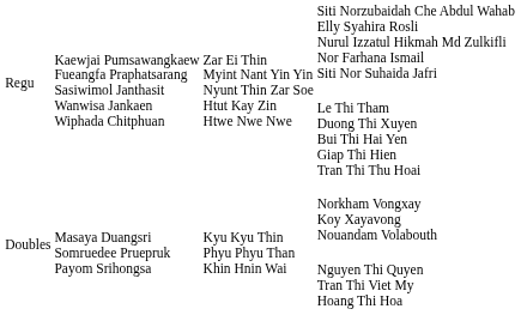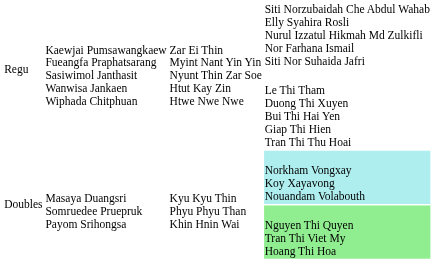 <table>
 <tr>
 <td rowspan=2>Regu</td>
 <td rowspan=2><span><br>Kaewjai Pumsawangkaew<br>Fueangfa Praphatsarang<br>Sasiwimol Janthasit<br>Wanwisa Jankaen<br>Wiphada Chitphuan</span></td>
 <td rowspan=2><span><br>Zar Ei Thin<br>Myint Nant Yin Yin<br>Nyunt Thin Zar Soe<br>Htut Kay Zin<br>Htwe Nwe Nwe</span></td>
 <td><span><br>Siti Norzubaidah Che Abdul Wahab<br>Elly Syahira Rosli<br>Nurul Izzatul Hikmah Md Zulkifli<br>Nor Farhana Ismail<br>Siti Nor Suhaida Jafri</span></td>
 </tr>
 <tr>
 <td><span><br>Le Thi Tham<br>Duong Thi Xuyen<br>Bui Thi Hai Yen<br>Giap Thi Hien<br>Tran Thi Thu Hoai</span></td>
 </tr>
 <tr>
 <td rowspan=2>Doubles</td>
 <td rowspan=2><span><br>Masaya Duangsri<br>Somruedee Pruepruk<br>Payom Srihongsa</span></td>
 <td rowspan=2><span><br>Kyu Kyu Thin<br>Phyu Phyu Than<br>Khin Hnin Wai</span></td>
-<td><span><br>Norkham Vongxay<br>Koy Xayavong<br>Nouandam Volabouth</span></td>
+<td style="background: paleturquoise;"><span><br>Norkham Vongxay<br>Koy Xayavong<br>Nouandam Volabouth</span></td>
 </tr>
 <tr>
-<td><span><br>Nguyen Thi Quyen<br>Tran Thi Viet My<br>Hoang Thi Hoa</span></td>
+<td style="background: lightgreen;"><span><br>Nguyen Thi Quyen<br>Tran Thi Viet My<br>Hoang Thi Hoa</span></td>
 </tr>
 </table>
